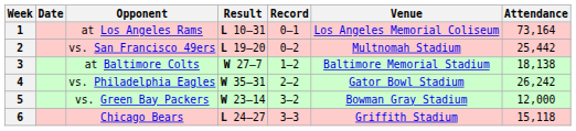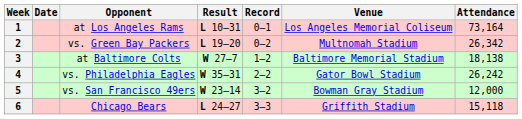 <table class="wikitable" style="text-align:center">
 <tr>
 <th>Week</th>
 <th>Date</th>
 <th>Opponent</th>
 <th>Result</th>
 <th>Record</th>
 <th>Venue</th>
 <th>Attendance</th>
 </tr>
 <tr style="background:#fcc;">
 <th>1</th>
 <td></td>
 <td>at <a href='#'>Los Angeles Rams</a></td>
 <td><strong>L</strong> 10–31</td>
 <td>0–1</td>
 <td><a href='#'>Los Angeles Memorial Coliseum</a></td>
 <td>73,164</td>
 </tr>
 <tr style="background:#fcc;">
 <th>2</th>
 <td></td>
-<td>vs. <a href='#'>San Francisco 49ers</a></td>
+<td>vs. <a href='#'>Green Bay Packers</a></td>
 <td><strong>L</strong> 19–20</td>
 <td>0–2</td>
 <td><a href='#'>Multnomah Stadium</a> </td>
-<td>25,442</td>
+<td>26,342</td>
 </tr>
 <tr style="background:#cfc;">
 <th>3</th>
 <td></td>
 <td>at <a href='#'>Baltimore Colts</a></td>
 <td><strong>W</strong> 27–7</td>
 <td>1–2</td>
 <td><a href='#'>Baltimore Memorial Stadium</a></td>
 <td>18,138</td>
 </tr>
 <tr style="background:#cfc;">
 <th>4</th>
 <td></td>
 <td>vs. <a href='#'>Philadelphia Eagles</a></td>
 <td><strong>W</strong> 35–31</td>
 <td>2–2</td>
 <td><a href='#'>Gator Bowl Stadium</a> </td>
 <td>26,242</td>
 </tr>
 <tr style="background:#cfc;">
 <th>5</th>
 <td></td>
-<td>vs. <a href='#'>Green Bay Packers</a></td>
+<td>vs. <a href='#'>San Francisco 49ers</a></td>
 <td><strong>W</strong> 23–14</td>
 <td>3–2</td>
 <td><a href='#'>Bowman Gray Stadium</a> </td>
 <td>12,000</td>
 </tr>
 <tr style="background:#fcc;">
 <th>6</th>
 <td></td>
 <td><a href='#'>Chicago Bears</a></td>
 <td><strong>L</strong> 24–27</td>
 <td>3–3</td>
 <td><a href='#'>Griffith Stadium</a></td>
 <td>15,118</td>
 </tr>
 </table>
